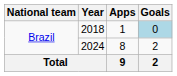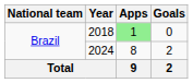 <table class="wikitable" style="text-align:center">
 <tr>
 <th>National team</th>
 <th>Year</th>
 <th>Apps</th>
 <th>Goals</th>
 </tr>
 <tr>
 <td rowspan="2"><a href='#'>Brazil</a></td>
 <td>2018</td>
-<td>1</td>
-<td style="background: lightblue;">0</td>
+<td style="background: lightgreen;">1</td>
+<td>0</td>
 </tr>
 <tr>
 <td>2024</td>
 <td>8</td>
 <td>2</td>
 </tr>
 <tr>
 <th colspan=2>Total</th>
 <th>9</th>
 <th>2</th>
 </tr>
 </table>
